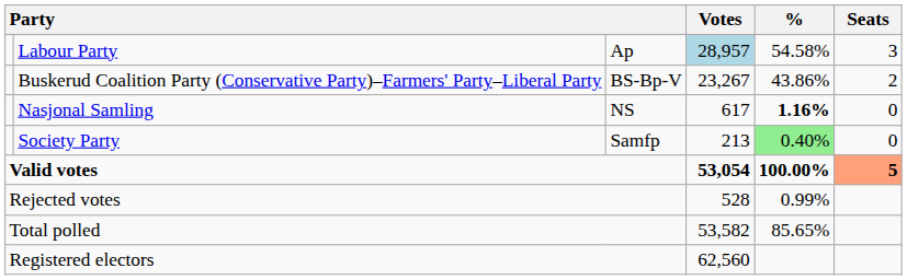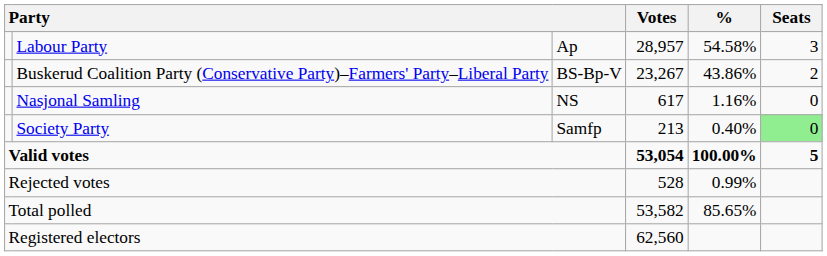 <table class="wikitable" border="1" style="text-align:right;">
 <tr>
 <th style="text-align:left;" colspan=3>Party</th>
 <th align=center width="50">Votes</th>
 <th align=center width="50">%</th>
 <th align=center width="50">Seats</th>
 </tr>
 <tr>
 <td style="color:inherit;background:"></td>
 <td align=left><a href='#'>Labour Party</a></td>
 <td align=left>Ap</td>
-<td style="background: lightblue;">28,957</td>
+<td>28,957</td>
 <td>54.58%</td>
 <td>3</td>
 </tr>
 <tr>
 <td></td>
 <td align=left>Buskerud Coalition Party (<a href='#'>Conservative Party</a>)–<a href='#'>Farmers' Party</a>–<a href='#'>Liberal Party</a></td>
 <td align=left>BS-Bp-V</td>
 <td>23,267</td>
 <td>43.86%</td>
 <td>2</td>
 </tr>
 <tr>
 <td style="color:inherit;background:"></td>
 <td align=left><a href='#'>Nasjonal Samling</a></td>
 <td align=left>NS</td>
 <td>617</td>
-<td><strong>1.16%</strong></td>
+<td>1.16%</td>
 <td>0</td>
 </tr>
 <tr>
 <td></td>
 <td align=left><a href='#'>Society Party</a></td>
 <td align=left>Samfp</td>
 <td>213</td>
-<td style="background: lightgreen;">0.40%</td>
-<td>0</td>
+<td>0.40%</td>
+<td style="background: lightgreen;">0</td>
 </tr>
 <tr style="font-weight:bold">
 <td align=left colspan=3>Valid votes</td>
 <td>53,054</td>
 <td>100.00%</td>
-<td style="background: lightsalmon;">5</td>
+<td>5</td>
 </tr>
 <tr>
 <td align=left colspan=3>Rejected votes</td>
 <td>528</td>
 <td>0.99%</td>
 <td></td>
 </tr>
 <tr>
 <td align=left colspan=3>Total polled</td>
 <td>53,582</td>
 <td>85.65%</td>
 <td></td>
 </tr>
 <tr>
 <td align=left colspan=3>Registered electors</td>
 <td>62,560</td>
 <td></td>
 <td></td>
 </tr>
 </table>
